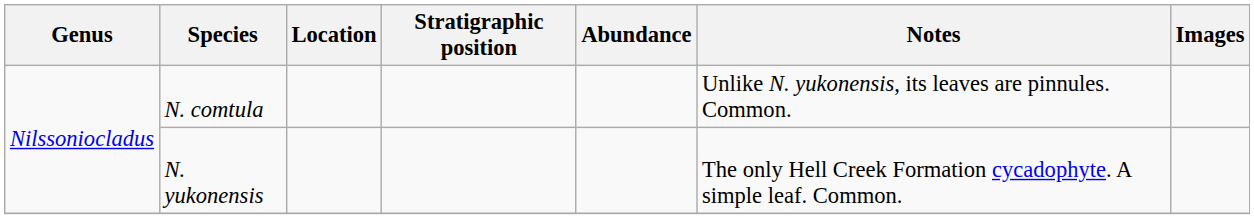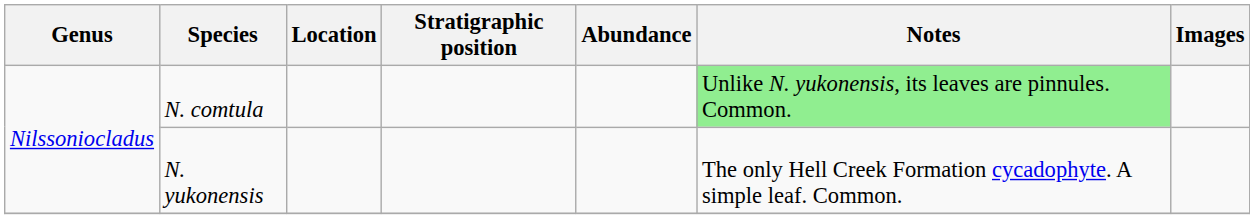 <table class="wikitable sortable"  style="margin:auto; width:100%;">
 <tr>
 <th>Genus</th>
 <th>Species</th>
 <th>Location</th>
 <th>Stratigraphic position</th>
 <th>Abundance</th>
 <th>Notes</th>
 <th>Images</th>
 </tr>
 <tr>
 <td rowspan="2"><em><a href='#'>Nilssoniocladus</a></em></td>
 <td><br><em>N. comtula</em></td>
 <td></td>
 <td></td>
 <td></td>
-<td>Unlike <em>N. yukonensis</em>, its leaves are  pinnules. Common.</td>
+<td style="background: lightgreen;">Unlike <em>N. yukonensis</em>, its leaves are  pinnules. Common.</td>
 <td></td>
 </tr>
 <tr>
 <td><br><em>N. yukonensis</em></td>
 <td></td>
 <td></td>
 <td></td>
 <td><br>The only Hell Creek Formation <a href='#'>cycadophyte</a>. A simple leaf. Common.</td>
 <td><br></td>
 </tr>
 <tr>
 </tr>
 </table>
